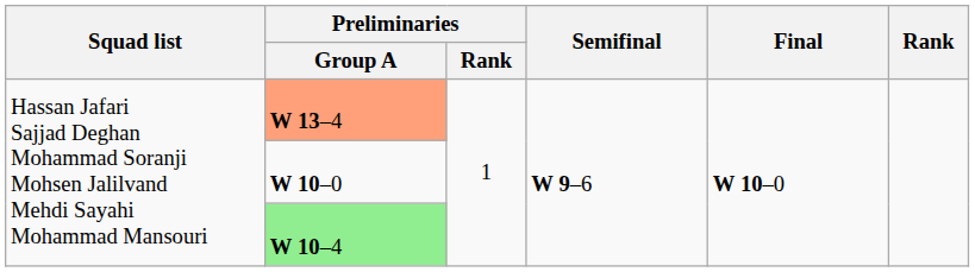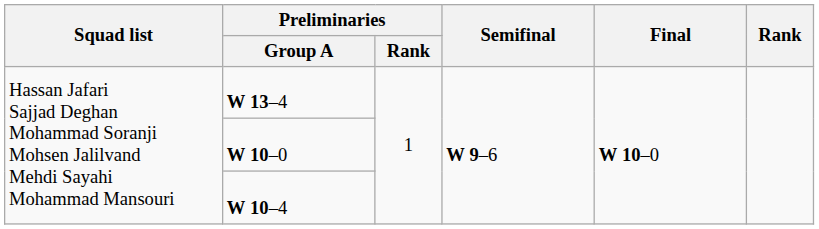 <table class="wikitable" width="71%" style="text-align:left; font-size:90%">
 <tr>
 <th rowspan="2" width="20%">Squad list</th>
 <th colspan="2">Preliminaries</th>
 <th rowspan="2" width="14%">Semifinal</th>
 <th rowspan="2" width="14%">Final</th>
 <th rowspan="2" width="5%">Rank</th>
 </tr>
 <tr>
 <th width="14%">Group A</th>
 <th width="5%">Rank</th>
 </tr>
 <tr>
 <td rowspan="3">Hassan Jafari<br>Sajjad Deghan<br>Mohammad Soranji <br>Mohsen Jalilvand<br>Mehdi Sayahi<br>Mohammad Mansouri</td>
-<td style="background: lightsalmon;"><br><strong>W</strong> <strong>13</strong>–4</td>
+<td><br><strong>W</strong> <strong>13</strong>–4</td>
 <td rowspan="3" align=center>1<strong></strong></td>
 <td rowspan="3"><br><strong>W</strong> <strong>9</strong>–6</td>
 <td rowspan="3"><br><strong>W</strong> <strong>10</strong>–0</td>
 <td rowspan="3" align="center"></td>
 </tr>
 <tr>
 <td><br><strong>W</strong> <strong>10</strong>–0</td>
 </tr>
 <tr>
-<td style="background: lightgreen;"><br><strong>W</strong> <strong>10</strong>–4</td>
+<td><br><strong>W</strong> <strong>10</strong>–4</td>
 </tr>
 </table>
